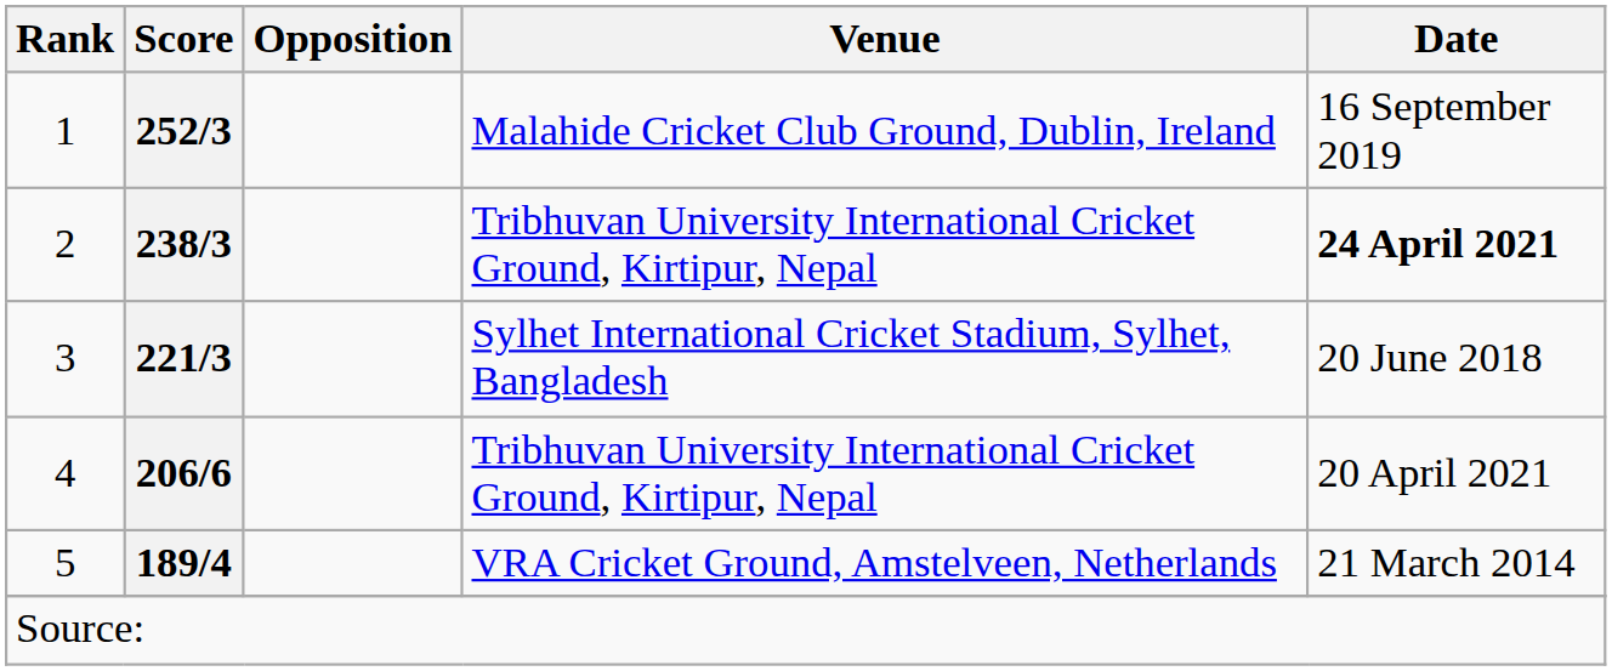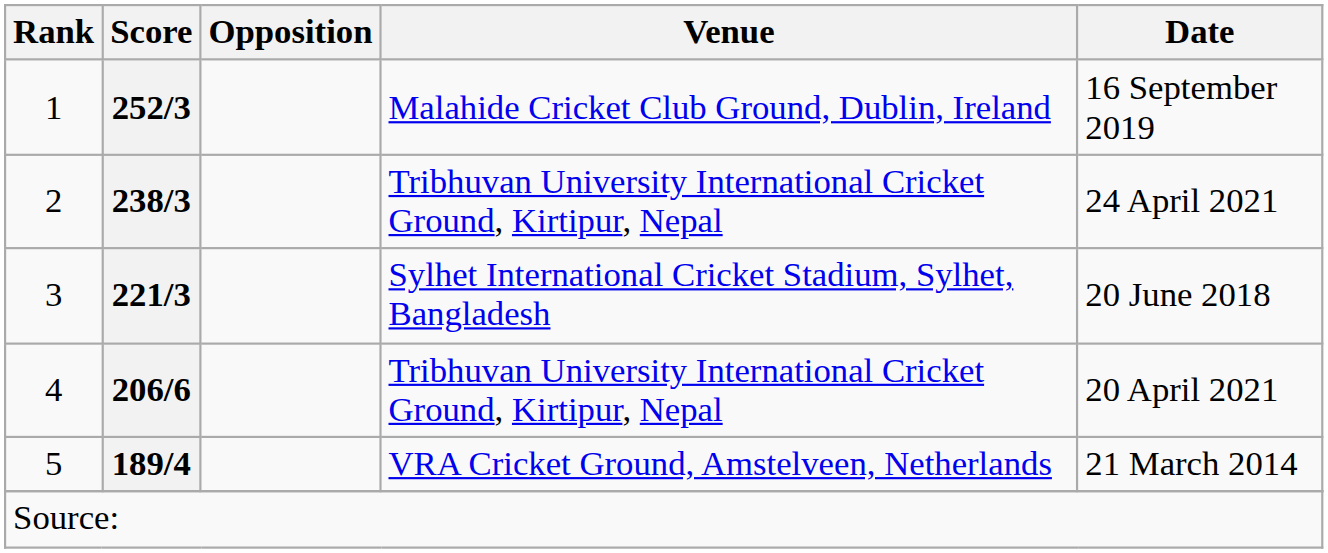 <table class="wikitable plainrowheaders sortable">
 <tr>
 <th scope="col">Rank</th>
 <th scope="col">Score</th>
 <th scope="col">Opposition</th>
 <th scope="col">Venue</th>
 <th scope="col">Date</th>
 </tr>
 <tr>
 <td align="center">1</td>
 <th scope="row" style="text-align:center;">252/3</th>
 <td></td>
 <td><a href='#'>Malahide Cricket Club Ground, Dublin, Ireland</a></td>
 <td>16 September 2019</td>
 </tr>
 <tr>
 <td align="center">2</td>
 <th scope="row" style="text-align:center;">238/3</th>
 <td></td>
 <td><a href='#'>Tribhuvan University International Cricket Ground</a>, <a href='#'>Kirtipur</a>, <a href='#'>Nepal</a></td>
-<td><strong>24 April 2021</strong></td>
+<td>24 April 2021</td>
 </tr>
 <tr>
 <td align="center">3</td>
 <th scope="row" style="text-align:center;">221/3</th>
 <td></td>
 <td><a href='#'>Sylhet International Cricket Stadium, Sylhet, Bangladesh</a></td>
 <td>20 June 2018</td>
 </tr>
 <tr>
 <td align="center">4</td>
 <th scope="row" style="text-align:center;">206/6</th>
 <td></td>
 <td><a href='#'>Tribhuvan University International Cricket Ground</a>, <a href='#'>Kirtipur</a>, <a href='#'>Nepal</a></td>
 <td>20 April 2021</td>
 </tr>
 <tr>
 <td align="center">5</td>
 <th scope="row" style="text-align:center;">189/4</th>
 <td></td>
 <td><a href='#'>VRA Cricket Ground, Amstelveen, Netherlands</a></td>
 <td>21 March 2014 </td>
 </tr>
 <tr>
 </tr>
 <tr class="sortbottom">
 <td colspan="5">Source: </td>
 </tr>
 </table>
